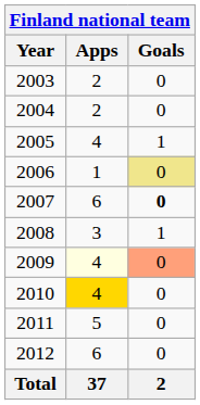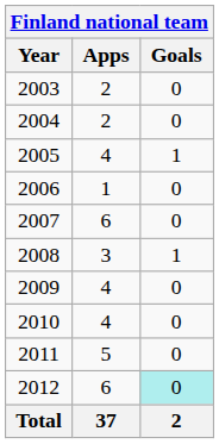 <table class="wikitable" style="text-align:center">
 <tr>
 <th colspan=3><a href='#'>Finland national team</a></th>
 </tr>
 <tr>
 <th>Year</th>
 <th>Apps</th>
 <th>Goals</th>
 </tr>
 <tr>
 <td>2003</td>
 <td>2</td>
 <td>0</td>
 </tr>
 <tr>
 <td>2004</td>
 <td>2</td>
 <td>0</td>
 </tr>
 <tr>
 <td>2005</td>
 <td>4</td>
 <td>1</td>
 </tr>
 <tr>
 <td>2006</td>
 <td>1</td>
-<td style="background: khaki;">0</td>
+<td>0</td>
 </tr>
 <tr>
 <td>2007</td>
 <td>6</td>
-<td><strong>0</strong></td>
+<td>0</td>
 </tr>
 <tr>
 <td>2008</td>
 <td>3</td>
 <td>1</td>
 </tr>
 <tr>
 <td>2009</td>
-<td style="background: lightyellow;">4</td>
-<td style="background: lightsalmon;">0</td>
+<td>4</td>
+<td>0</td>
 </tr>
 <tr>
 <td>2010</td>
-<td style="background: gold;">4</td>
+<td>4</td>
 <td>0</td>
 </tr>
 <tr>
 <td>2011</td>
 <td>5</td>
 <td>0</td>
 </tr>
 <tr>
 <td>2012</td>
 <td>6</td>
-<td>0</td>
+<td style="background: paleturquoise;">0</td>
 </tr>
 <tr>
 <th>Total</th>
 <th>37</th>
 <th>2</th>
 </tr>
 </table>
